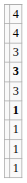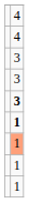 <table class="wikitable">
 <tr>
 </tr>
 <tr>
 <td><a href='#'><strong></strong></a></td>
 <td align=center>4</td>
 </tr>
 <tr>
 <td><a href='#'><strong></strong></a></td>
 <td align=center>4</td>
 </tr>
 <tr>
 <td><a href='#'><strong></strong></a></td>
 <td align=center>3</td>
 </tr>
 <tr>
 <td><a href='#'><strong></strong></a></td>
-<td align=center><strong>3</strong></td>
+<td align=center>3</td>
 </tr>
 <tr>
 <td><a href='#'><strong></strong></a></td>
-<td align=center>3</td>
+<td align=center><strong>3</strong></td>
 </tr>
 <tr>
 <td><a href='#'><strong></strong></a></td>
 <td align=center><strong>1</strong></td>
 </tr>
 <tr>
 <td><a href='#'><strong></strong></a></td>
-<td align=center>1</td>
+<td align=center style="background: lightsalmon;">1</td>
 </tr>
 <tr>
 <td><a href='#'><strong></strong></a></td>
 <td align=center>1</td>
 </tr>
 <tr>
 <td><a href='#'><strong></strong></a></td>
 <td align=center>1</td>
 </tr>
 </table>
